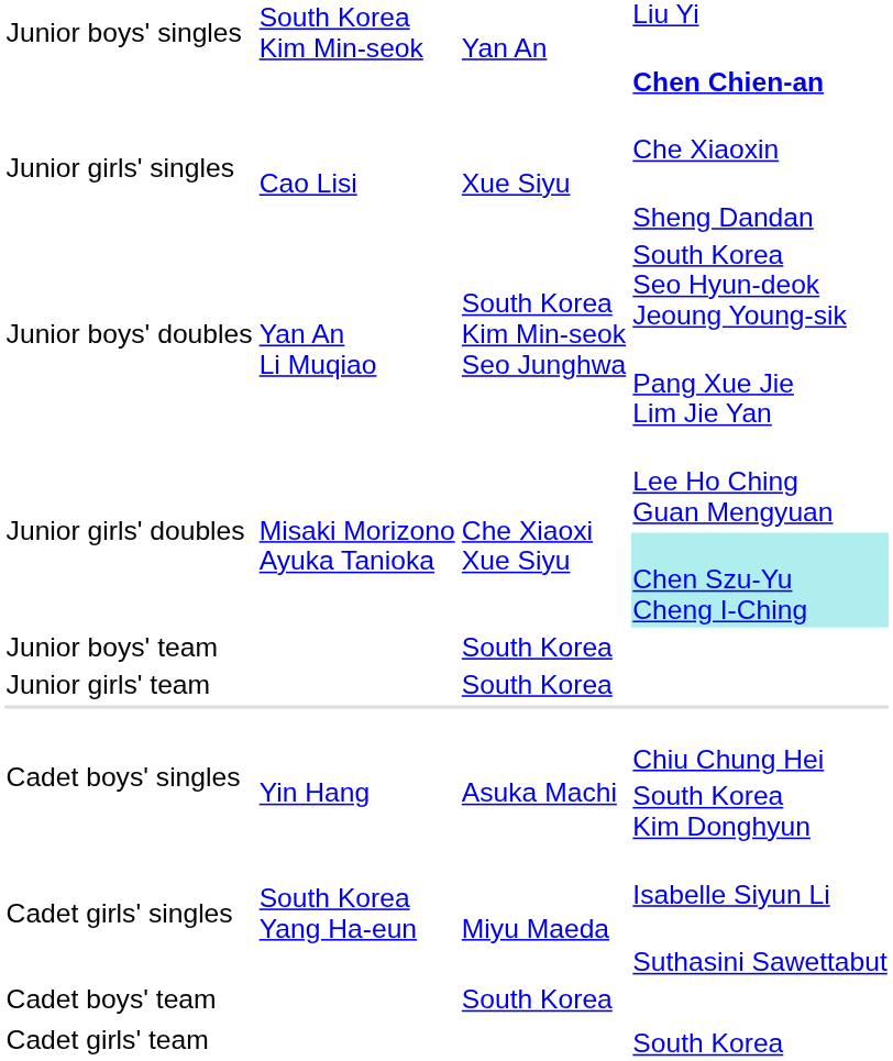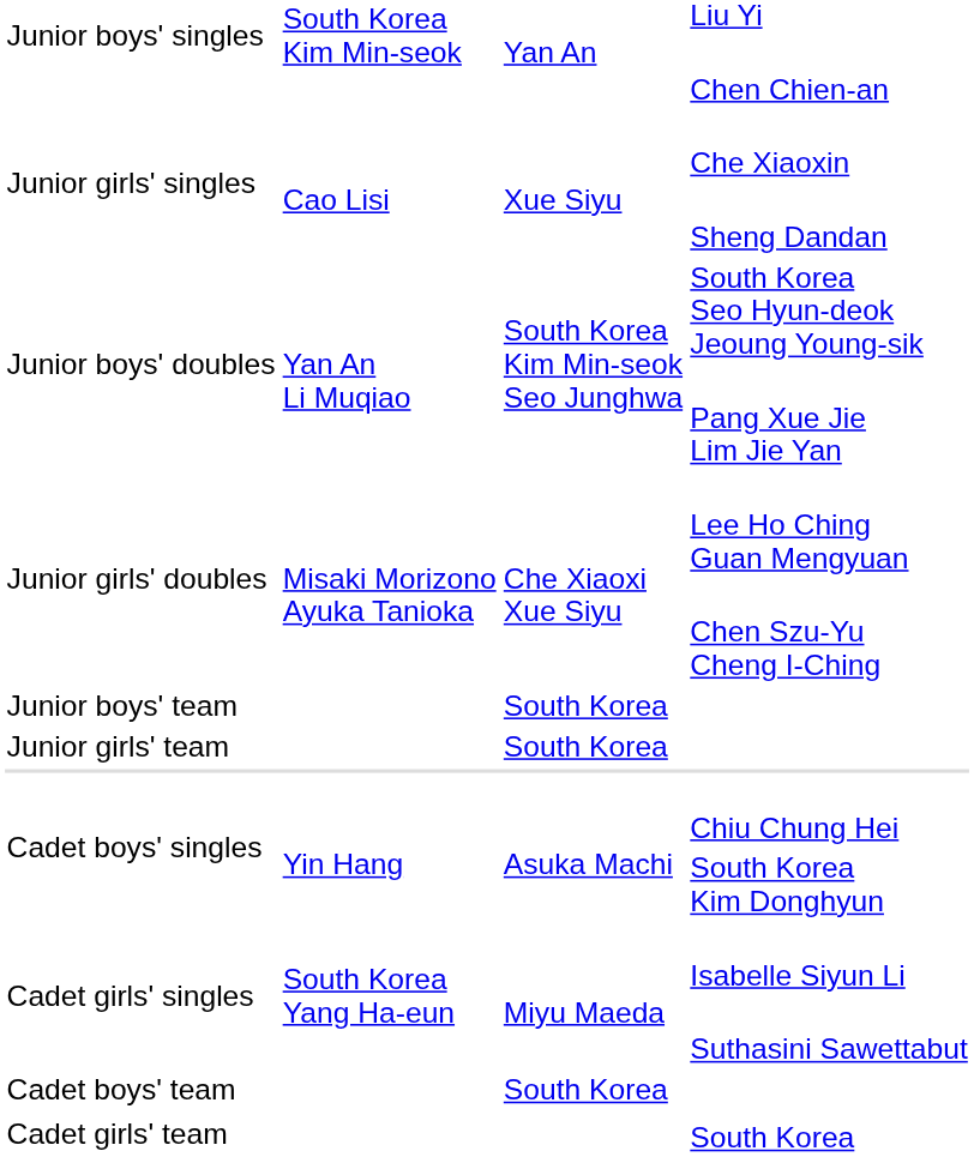 <table>
 <tr>
 <td rowspan=2>Junior boys' singles</td>
 <td rowspan=2> <a href='#'>South Korea</a><br><a href='#'>Kim Min-seok</a></td>
 <td rowspan=2><br><a href='#'>Yan An</a></td>
 <td><br><a href='#'>Liu Yi</a></td>
 </tr>
 <tr>
-<td><strong><br><a href='#'>Chen Chien-an</a></strong></td>
+<td><br><a href='#'>Chen Chien-an</a></td>
 </tr>
 <tr>
 <td rowspan=2>Junior girls' singles</td>
 <td rowspan=2><br><a href='#'>Cao Lisi</a></td>
 <td rowspan=2><br><a href='#'>Xue Siyu</a></td>
 <td><br><a href='#'>Che Xiaoxin</a></td>
 </tr>
 <tr>
 <td><br><a href='#'>Sheng Dandan</a></td>
 </tr>
 <tr>
 <td rowspan=2>Junior boys' doubles</td>
 <td rowspan=2><br><a href='#'>Yan An</a><br><a href='#'>Li Muqiao</a></td>
 <td rowspan=2> <a href='#'>South Korea</a><br><a href='#'>Kim Min-seok</a><br><a href='#'>Seo Junghwa</a></td>
 <td> <a href='#'>South Korea</a><br><a href='#'>Seo Hyun-deok</a><br><a href='#'>Jeoung Young-sik</a></td>
 </tr>
 <tr>
 <td><br><a href='#'>Pang Xue Jie</a><br><a href='#'>Lim Jie Yan</a></td>
 </tr>
 <tr>
 <td rowspan=2>Junior girls' doubles</td>
 <td rowspan=2><br><a href='#'>Misaki Morizono</a><br><a href='#'>Ayuka Tanioka</a></td>
 <td rowspan=2><br><a href='#'>Che Xiaoxi</a><br><a href='#'>Xue Siyu</a></td>
 <td><br><a href='#'>Lee Ho Ching</a><br><a href='#'>Guan Mengyuan</a></td>
 </tr>
 <tr>
-<td style="background: paleturquoise;"><br><a href='#'>Chen Szu-Yu</a><br><a href='#'>Cheng I-Ching</a></td>
+<td><br><a href='#'>Chen Szu-Yu</a><br><a href='#'>Cheng I-Ching</a></td>
 </tr>
 <tr>
 <td rowspan=2>Junior boys' team</td>
 <td rowspan=2></td>
 <td rowspan=2> <a href='#'>South Korea</a></td>
 <td></td>
 </tr>
 <tr>
 <td></td>
 </tr>
 <tr>
 <td rowspan=2>Junior girls' team</td>
 <td rowspan=2></td>
 <td rowspan=2> <a href='#'>South Korea</a></td>
 <td></td>
 </tr>
 <tr>
 <td></td>
 </tr>
 <tr style="background:#dddddd;">
 <td colspan=7></td>
 </tr>
 <tr>
 <td rowspan=2>Cadet boys' singles</td>
 <td rowspan=2><br><a href='#'>Yin Hang</a></td>
 <td rowspan=2><br><a href='#'>Asuka Machi</a></td>
 <td><br><a href='#'>Chiu Chung Hei</a></td>
 </tr>
 <tr>
 <td> <a href='#'>South Korea</a><br><a href='#'>Kim Donghyun</a></td>
 </tr>
 <tr>
 <td rowspan=2>Cadet girls' singles</td>
 <td rowspan=2> <a href='#'>South Korea</a><br><a href='#'>Yang Ha-eun</a></td>
 <td rowspan=2><br><a href='#'>Miyu Maeda</a></td>
 <td><br><a href='#'>Isabelle Siyun Li</a></td>
 </tr>
 <tr>
 <td><br><a href='#'>Suthasini Sawettabut</a></td>
 </tr>
 <tr>
 <td rowspan=2>Cadet boys' team</td>
 <td rowspan=2></td>
 <td rowspan=2> <a href='#'>South Korea</a></td>
 <td></td>
 </tr>
 <tr>
 <td></td>
 </tr>
 <tr>
 <td rowspan=2>Cadet girls' team</td>
 <td rowspan=2></td>
 <td rowspan=2></td>
 <td></td>
 </tr>
 <tr>
 <td> <a href='#'>South Korea</a></td>
 </tr>
 </table>
